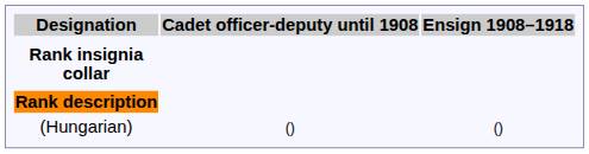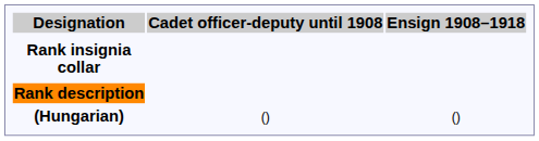 <table style="border:1px solid #8888aa; background-color:#f7f8ff; padding:5px; font-size:95%; margin: 0px 12px 12px 0px;">
 <tr bgcolor="#CCCCCC">
 <th>Designation</th>
 <th colspan=2>Cadet officer-deputy until 1908</th>
 <th colspan=2>Ensign 1908–1918</th>
 </tr>
 <tr align="center">
 <th></th>
 <th rowspan=3></th>
 <th rowspan=3></th>
 <th rowspan=3></th>
 <th rowspan=3></th>
 </tr>
 <tr align="center">
 <th rowspan=1>Rank insignia<br>collar</th>
 </tr>
 <tr align="center">
 <th></th>
 </tr>
 <tr align="center">
 <th style="background:#ff8800; color:black;">Rank description</th>
 <td colspan=2></td>
 <td colspan=2></td>
 </tr>
 <tr align="center">
-<td>(Hungarian)</td>
+<td><strong>(Hungarian)</strong></td>
 <td colspan=2><small>()</small></td>
 <td colspan=2><small>()</small></td>
 </tr>
 <tr align="center">
 </tr>
 </table>
